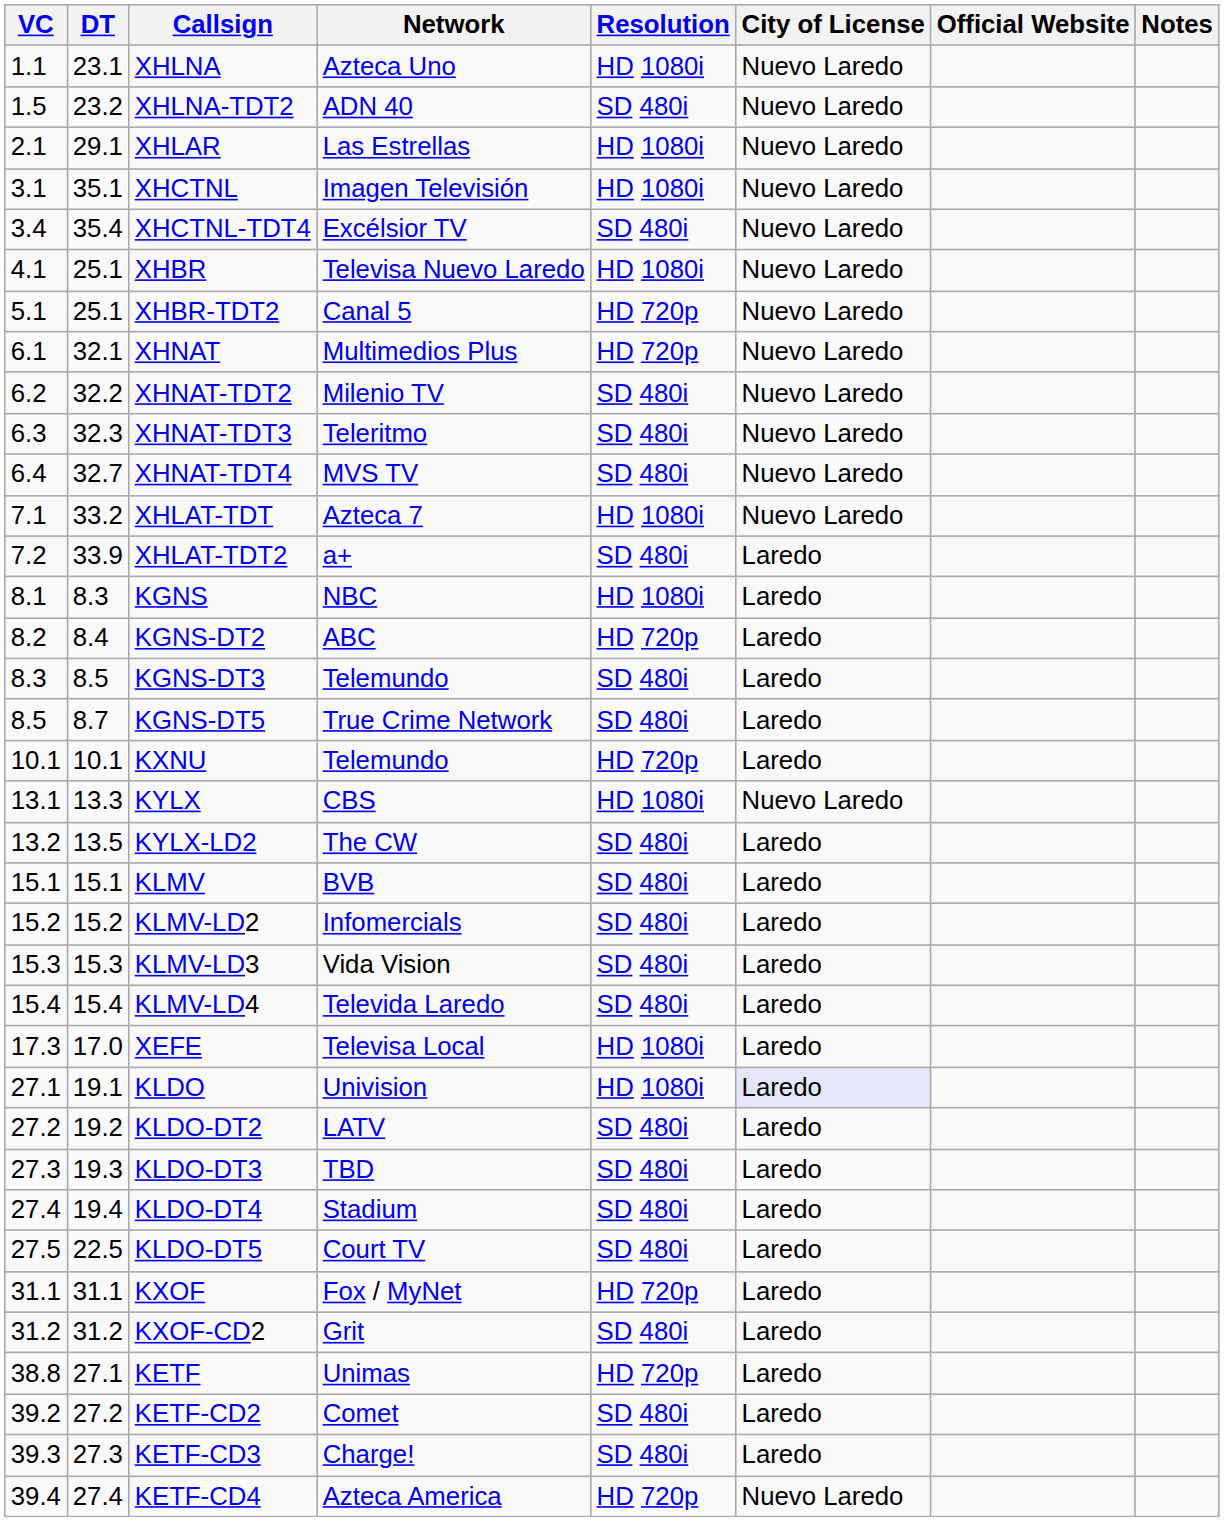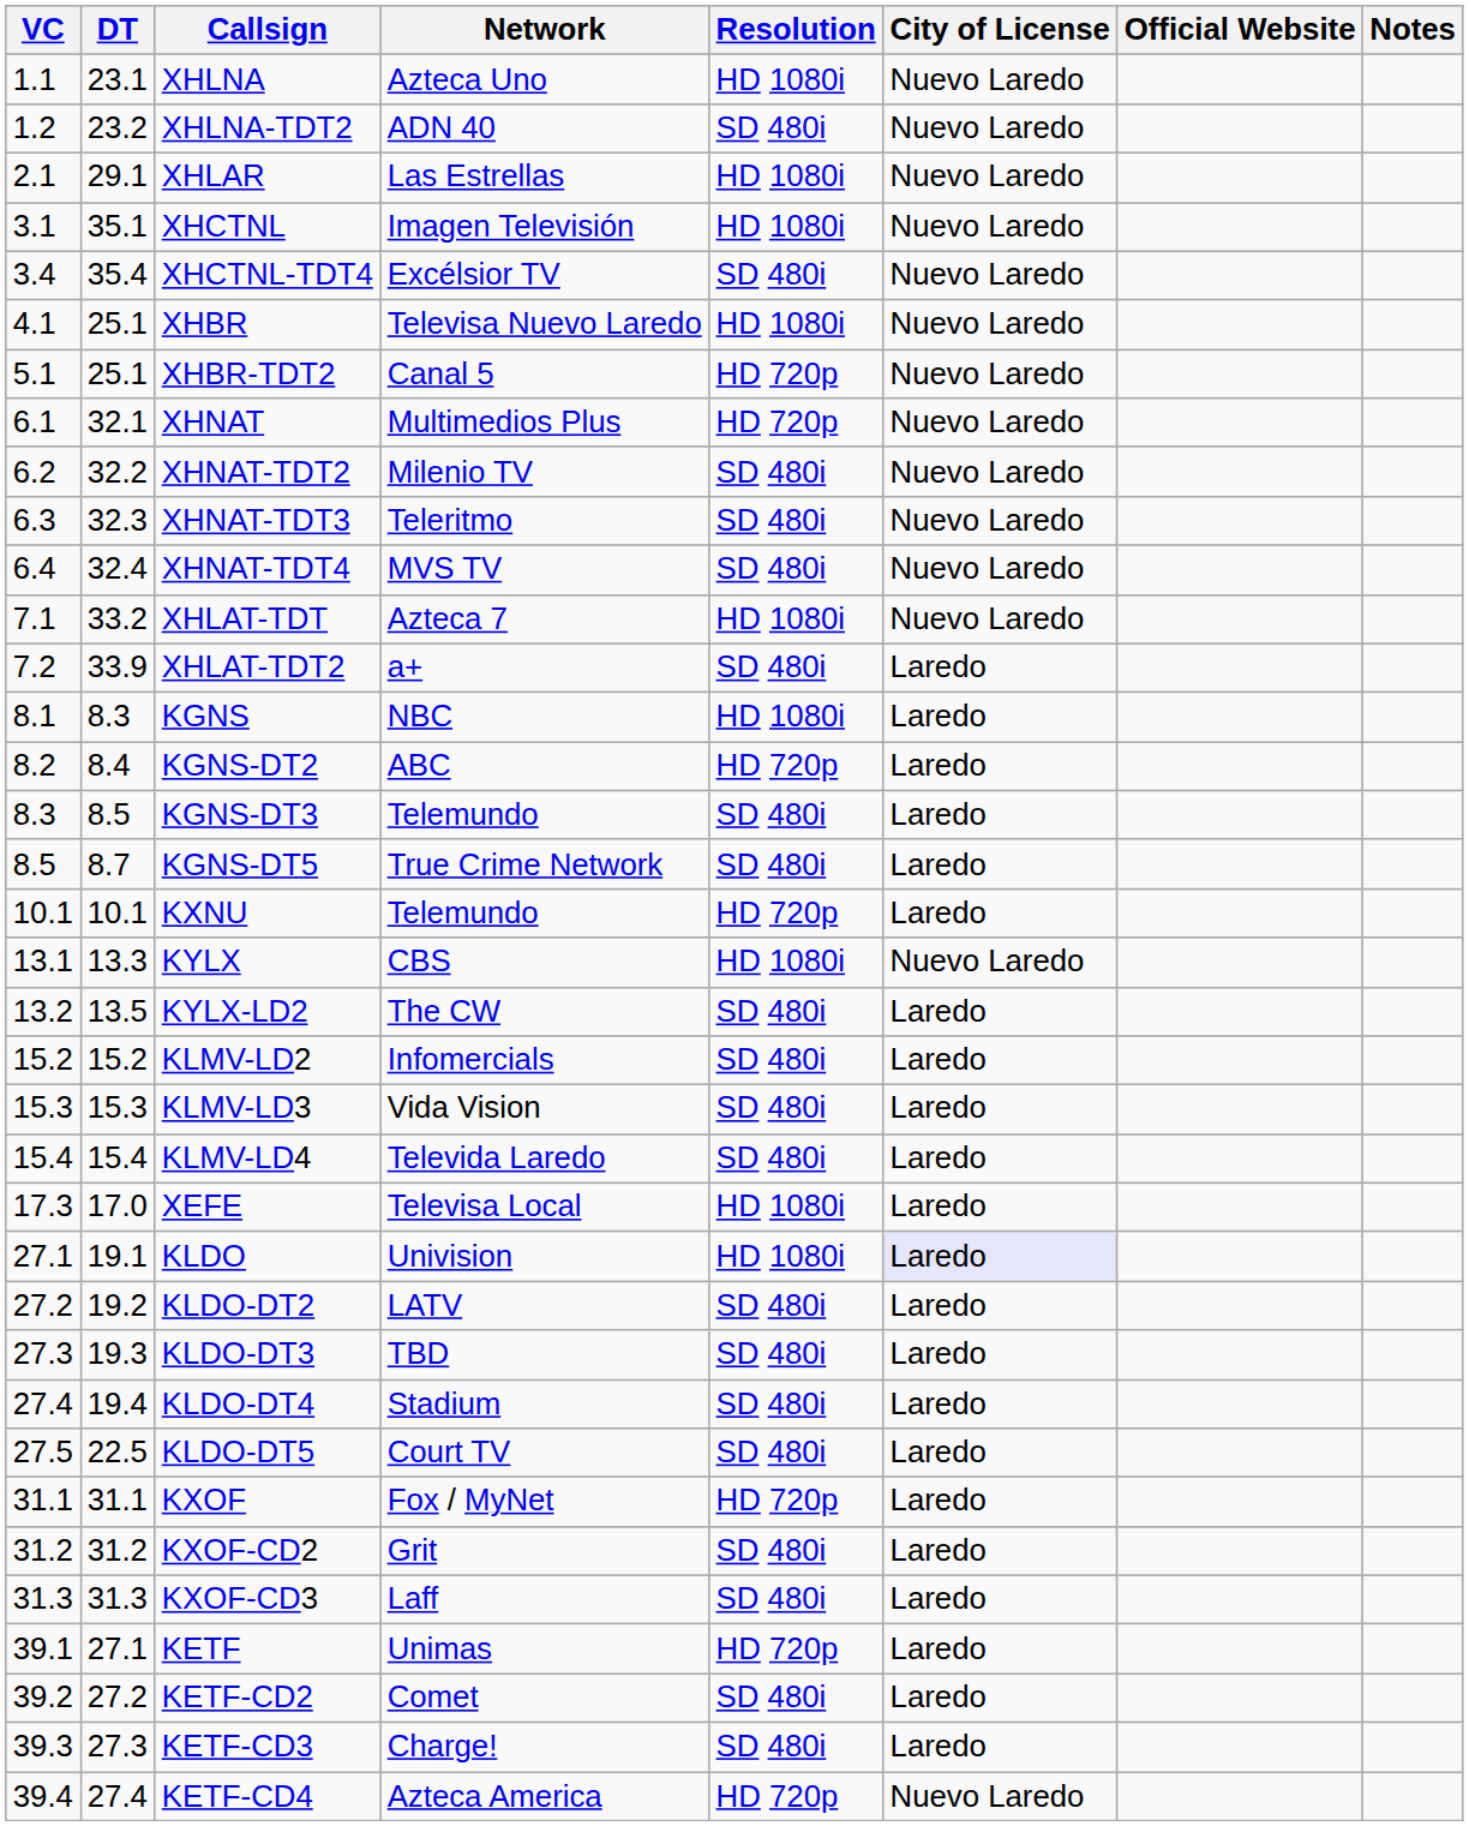 <table class="sortable wikitable">
 <tr>
 <th><a href='#'>VC</a></th>
 <th><a href='#'>DT</a></th>
 <th><a href='#'>Callsign</a></th>
 <th>Network</th>
 <th><a href='#'>Resolution</a></th>
 <th>City of License</th>
 <th>Official Website</th>
 <th>Notes</th>
 </tr>
 <tr style="vertical-align: top; text-align: left;"|>
 <td>1.1</td>
 <td>23.1</td>
 <td><a href='#'>XHLNA</a></td>
 <td><a href='#'>Azteca Uno</a></td>
 <td><a href='#'>HD</a> <a href='#'>1080i</a></td>
 <td>Nuevo Laredo</td>
 <td></td>
 <td></td>
 </tr>
 <tr style="vertical-align: top; text-align: left;"|>
-<td>1.5</td>
+<td>1.2</td>
 <td>23.2</td>
 <td><a href='#'>XHLNA-TDT2</a></td>
 <td><a href='#'>ADN 40</a></td>
 <td><a href='#'>SD</a> <a href='#'>480i</a></td>
 <td>Nuevo Laredo</td>
 <td></td>
 <td></td>
 </tr>
 <tr style="vertical-align: top; text-align: left;"|>
 <td>2.1</td>
 <td>29.1</td>
 <td><a href='#'>XHLAR</a></td>
 <td><a href='#'>Las Estrellas</a></td>
 <td><a href='#'>HD</a> <a href='#'>1080i</a></td>
 <td>Nuevo Laredo</td>
 <td></td>
 <td></td>
 </tr>
 <tr style="vertical-align: top; text-align: left;">
 <td>3.1</td>
 <td>35.1</td>
 <td><a href='#'>XHCTNL</a></td>
 <td><a href='#'>Imagen Televisión</a></td>
 <td><a href='#'>HD</a> <a href='#'>1080i</a></td>
 <td>Nuevo Laredo</td>
 <td></td>
 <td></td>
 </tr>
 <tr style="vertical-align: top; text-align: left">
 <td>3.4</td>
 <td>35.4</td>
 <td><a href='#'>XHCTNL-TDT4</a></td>
 <td><a href='#'>Excélsior TV</a></td>
 <td><a href='#'>SD</a> <a href='#'>480i</a></td>
 <td>Nuevo Laredo</td>
 <td></td>
 <td></td>
 </tr>
 <tr style="vertical-align: top; text-align: left;">
 <td>4.1</td>
 <td>25.1</td>
 <td><a href='#'>XHBR</a></td>
 <td><a href='#'>Televisa Nuevo Laredo</a></td>
 <td><a href='#'>HD</a> <a href='#'>1080i</a></td>
 <td>Nuevo Laredo</td>
 <td></td>
 <td></td>
 </tr>
 <tr style="vertical-align: top; text-align: left;">
 <td>5.1</td>
 <td>25.1</td>
 <td><a href='#'>XHBR-TDT2</a></td>
 <td><a href='#'>Canal 5</a></td>
 <td><a href='#'>HD</a> <a href='#'>720p</a></td>
 <td>Nuevo Laredo</td>
 <td></td>
 <td></td>
 </tr>
 <tr style="vertical-align: top; text-align: left;">
 <td>6.1</td>
 <td>32.1</td>
 <td><a href='#'>XHNAT</a></td>
 <td><a href='#'>Multimedios Plus</a></td>
 <td><a href='#'>HD</a> <a href='#'>720p</a></td>
 <td>Nuevo Laredo</td>
 <td></td>
 <td></td>
 </tr>
 <tr style="vertical-align: top; text-align: left;"|>
 <td>6.2</td>
 <td>32.2</td>
 <td><a href='#'>XHNAT-TDT2</a></td>
 <td><a href='#'>Milenio TV</a></td>
 <td><a href='#'>SD</a> <a href='#'>480i</a></td>
 <td>Nuevo Laredo</td>
 <td></td>
 <td></td>
 </tr>
 <tr style="vertical-align: top; text-align: left;"|>
 <td>6.3</td>
 <td>32.3</td>
 <td><a href='#'>XHNAT-TDT3</a></td>
 <td><a href='#'>Teleritmo</a></td>
 <td><a href='#'>SD</a> <a href='#'>480i</a></td>
 <td>Nuevo Laredo</td>
 <td></td>
 <td></td>
 </tr>
 <tr style="vertical-align: top; text-align: left;"|>
 <td>6.4</td>
-<td>32.7</td>
+<td>32.4</td>
 <td><a href='#'>XHNAT-TDT4</a></td>
 <td><a href='#'>MVS TV</a></td>
 <td><a href='#'>SD</a> <a href='#'>480i</a></td>
 <td>Nuevo Laredo</td>
 <td></td>
 <td></td>
 </tr>
 <tr style="vertical-align: top; text-align: left;"|>
 <td>7.1</td>
 <td>33.2</td>
 <td><a href='#'>XHLAT-TDT</a></td>
 <td><a href='#'>Azteca 7</a></td>
 <td><a href='#'>HD</a> <a href='#'>1080i</a></td>
 <td>Nuevo Laredo</td>
 <td></td>
 <td></td>
 </tr>
 <tr style="vertical-align: top; text-align: left;"|>
 <td>7.2</td>
 <td>33.9</td>
 <td><a href='#'>XHLAT-TDT2</a></td>
 <td><a href='#'>a+</a></td>
 <td><a href='#'>SD</a> <a href='#'>480i</a></td>
 <td>Laredo</td>
 <td></td>
 <td></td>
 </tr>
 <tr style="vertical-align: top; text-align: left;">
 <td>8.1</td>
 <td>8.3</td>
 <td><a href='#'>KGNS</a></td>
 <td><a href='#'>NBC</a></td>
 <td><a href='#'>HD</a> <a href='#'>1080i</a></td>
 <td>Laredo</td>
 <td></td>
 <td></td>
 </tr>
 <tr style="vertical-align: top; text-align: left;">
 <td>8.2</td>
 <td>8.4</td>
 <td><a href='#'>KGNS-DT2</a></td>
 <td><a href='#'>ABC</a></td>
 <td><a href='#'>HD</a> <a href='#'>720p</a></td>
 <td>Laredo</td>
 <td></td>
 <td></td>
 </tr>
 <tr style="vertical-align: top; text-align: left;">
 <td>8.3</td>
 <td>8.5</td>
 <td><a href='#'>KGNS-DT3</a></td>
 <td><a href='#'>Telemundo</a></td>
 <td><a href='#'>SD</a> <a href='#'>480i</a></td>
 <td>Laredo</td>
 <td></td>
 <td></td>
 </tr>
 <tr style="vertical-align: top; text-align: left;">
 <td>8.5</td>
 <td>8.7</td>
 <td><a href='#'>KGNS-DT5</a></td>
 <td><a href='#'>True Crime Network</a></td>
 <td><a href='#'>SD</a> <a href='#'>480i</a></td>
 <td>Laredo</td>
 <td></td>
 <td></td>
 </tr>
 <tr style="vertical-align: top; text-align: left;">
 <td>10.1</td>
 <td>10.1</td>
 <td><a href='#'>KXNU</a></td>
 <td><a href='#'>Telemundo</a></td>
 <td><a href='#'>HD</a> <a href='#'>720p</a></td>
 <td>Laredo</td>
 <td></td>
 <td></td>
 </tr>
 <tr style="vertical-align: top; text-align: left;"|>
 <td>13.1</td>
 <td>13.3</td>
 <td><a href='#'>KYLX</a></td>
 <td><a href='#'>CBS</a></td>
 <td><a href='#'>HD</a> <a href='#'>1080i</a></td>
 <td>Nuevo Laredo</td>
 <td></td>
 <td></td>
 </tr>
 <tr style="vertical-align: top; text-align: left;"|>
 <td>13.2</td>
 <td>13.5</td>
 <td><a href='#'>KYLX-LD2</a></td>
 <td><a href='#'>The CW</a></td>
-<td><a href='#'>SD</a> <a href='#'>480i</a></td>
-<td>Laredo</td>
-<td></td>
-<td></td>
-</tr>
-<tr style="vertical-align: top; text-align: left;">
-<td>15.1</td>
-<td>15.1</td>
-<td><a href='#'>KLMV</a></td>
-<td><a href='#'>BVB</a></td>
 <td><a href='#'>SD</a> <a href='#'>480i</a></td>
 <td>Laredo</td>
 <td></td>
 <td></td>
 </tr>
 <tr style="vertical-align: top; text-align: left;">
 <td>15.2</td>
 <td>15.2</td>
 <td><a href='#'>KLMV-LD</a>2</td>
 <td><a href='#'>Infomercials</a></td>
 <td><a href='#'>SD</a> <a href='#'>480i</a></td>
 <td>Laredo</td>
 <td></td>
 <td></td>
 </tr>
 <tr style="vertical-align: top; text-align: left;">
 <td>15.3</td>
 <td>15.3</td>
 <td><a href='#'>KLMV-LD</a>3</td>
 <td>Vida Vision</td>
 <td><a href='#'>SD</a> <a href='#'>480i</a></td>
 <td>Laredo</td>
 <td></td>
 <td></td>
 </tr>
 <tr style="vertical-align: top; text-align: left;">
 <td>15.4</td>
 <td>15.4</td>
 <td><a href='#'>KLMV-LD</a>4</td>
 <td><a href='#'>Televida Laredo</a></td>
 <td><a href='#'>SD</a> <a href='#'>480i</a></td>
 <td>Laredo</td>
 <td></td>
 <td></td>
 </tr>
 <tr style="vertical-align: top; text-align: left;">
 <td>17.3</td>
 <td>17.0</td>
 <td><a href='#'>XEFE</a></td>
 <td><a href='#'>Televisa Local</a></td>
 <td><a href='#'>HD</a> <a href='#'>1080i</a></td>
 <td>Laredo</td>
 <td></td>
 <td></td>
 </tr>
 <tr style="vertical-align: top; text-align: left;"|>
 <td>27.1</td>
 <td>19.1</td>
 <td><a href='#'>KLDO</a></td>
 <td><a href='#'>Univision</a></td>
 <td><a href='#'>HD</a> <a href='#'>1080i</a></td>
 <td style="background: lavender;">Laredo</td>
 <td></td>
 <td></td>
 </tr>
 <tr style="vertical-align: top; text-align: left;"|>
 <td>27.2</td>
 <td>19.2</td>
 <td><a href='#'>KLDO-DT2</a></td>
 <td><a href='#'>LATV</a></td>
 <td><a href='#'>SD</a> <a href='#'>480i</a></td>
 <td>Laredo</td>
 <td></td>
 <td></td>
 </tr>
 <tr style="vertical-align: top; text-align: left;"|>
 <td>27.3</td>
 <td>19.3</td>
 <td><a href='#'>KLDO-DT3</a></td>
 <td><a href='#'>TBD</a></td>
 <td><a href='#'>SD</a> <a href='#'>480i</a></td>
 <td>Laredo</td>
 <td></td>
 <td></td>
 </tr>
 <tr style="vertical-align: top; text-align: left;"|>
 <td>27.4</td>
 <td>19.4</td>
 <td><a href='#'>KLDO-DT4</a></td>
 <td><a href='#'>Stadium</a></td>
 <td><a href='#'>SD</a> <a href='#'>480i</a></td>
 <td>Laredo</td>
 <td></td>
 <td></td>
 </tr>
 <tr style="vertical-align: top; text-align: left;"|>
 <td>27.5</td>
 <td>22.5</td>
 <td><a href='#'>KLDO-DT5</a></td>
 <td><a href='#'>Court TV</a></td>
 <td><a href='#'>SD</a> <a href='#'>480i</a></td>
 <td>Laredo</td>
 <td></td>
 <td></td>
 </tr>
 <tr style="vertical-align: top; text-align: left;"|>
 <td>31.1</td>
 <td>31.1</td>
 <td><a href='#'>KXOF</a></td>
 <td><a href='#'>Fox</a> / <a href='#'>MyNet</a></td>
 <td><a href='#'>HD</a> <a href='#'>720p</a></td>
 <td>Laredo</td>
 <td></td>
 <td></td>
 </tr>
 <tr style="vertical-align: top; text-align: left;"|>
 <td>31.2</td>
 <td>31.2</td>
 <td><a href='#'>KXOF-CD</a>2</td>
 <td><a href='#'>Grit</a></td>
 <td><a href='#'>SD</a> <a href='#'>480i</a></td>
 <td>Laredo</td>
 <td></td>
 <td></td>
 </tr>
 <tr style="vertical-align: top; text-align: left;"|>
-<td>38.8</td>
+<td>31.3</td>
+<td>31.3</td>
+<td><a href='#'>KXOF-CD</a>3</td>
+<td><a href='#'>Laff</a></td>
+<td><a href='#'>SD</a> <a href='#'>480i</a></td>
+<td>Laredo</td>
+<td></td>
+<td></td>
+</tr>
+<tr style="vertical-align: top; text-align: left;"|>
+<td>39.1</td>
 <td>27.1</td>
 <td><a href='#'>KETF</a></td>
 <td><a href='#'>Unimas</a></td>
 <td><a href='#'>HD</a> <a href='#'>720p</a></td>
 <td>Laredo</td>
 <td></td>
 <td></td>
 </tr>
 <tr style="vertical-align: top; text-align: left;">
 <td>39.2</td>
 <td>27.2</td>
 <td><a href='#'>KETF-CD2</a></td>
 <td><a href='#'>Comet</a></td>
 <td><a href='#'>SD</a> <a href='#'>480i</a></td>
 <td>Laredo</td>
 <td></td>
 <td></td>
 </tr>
 <tr style="vertical-align: top; text-align: left;">
 <td>39.3</td>
 <td>27.3</td>
 <td><a href='#'>KETF-CD3</a></td>
 <td><a href='#'>Charge!</a></td>
 <td><a href='#'>SD</a> <a href='#'>480i</a></td>
 <td>Laredo</td>
 <td></td>
 <td></td>
 </tr>
 <tr style="vertical-align: top; text-align: left;"|>
 <td>39.4</td>
 <td>27.4</td>
 <td><a href='#'>KETF-CD4</a></td>
 <td><a href='#'>Azteca America</a></td>
 <td><a href='#'>HD</a> <a href='#'>720p</a></td>
 <td>Nuevo Laredo</td>
 <td></td>
 <td></td>
 </tr>
 </table>
